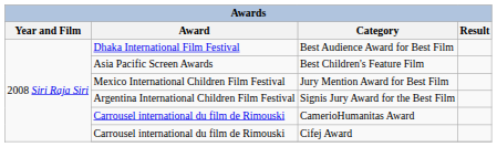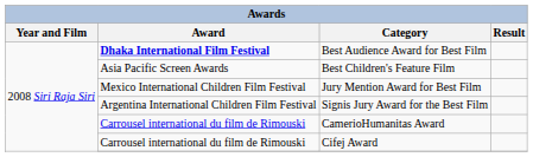 <table class="wikitable sortable">
 <tr style="background:#ccc; text-align:center;">
 <th colspan="5" style="background: LightSteelBlue;">Awards</th>
 </tr>
 <tr style="background:#ccc; text-align:center;">
 <th>Year and Film</th>
 <th>Award</th>
 <th>Category</th>
 <th>Result</th>
 </tr>
 <tr>
 <td rowspan=11>2008 <em><a href='#'>Siri Raja Siri</a></em></td>
-<td><a href='#'>Dhaka International Film Festival</a></td>
+<td><strong><a href='#'>Dhaka International Film Festival</a></strong></td>
 <td>Best Audience Award for Best Film</td>
 <td></td>
 </tr>
 <tr>
 <td>Asia Pacific Screen Awards</td>
 <td>Best Children's Feature Film</td>
 <td></td>
 </tr>
 <tr>
 <td>Mexico International Children Film Festival</td>
 <td>Jury Mention Award for Best Film</td>
 <td></td>
 </tr>
 <tr>
 <td>Argentina International Children Film Festival</td>
 <td>Signis Jury Award for the Best Film</td>
 <td></td>
 </tr>
 <tr>
 <td><a href='#'>Carrousel international du film de Rimouski</a></td>
 <td>CamerioHumanitas Award</td>
 <td></td>
 </tr>
 <tr>
 <td>Carrousel international du film de Rimouski</td>
 <td>Cifej Award</td>
 <td></td>
 </tr>
 <tr>
 </tr>
 </table>
